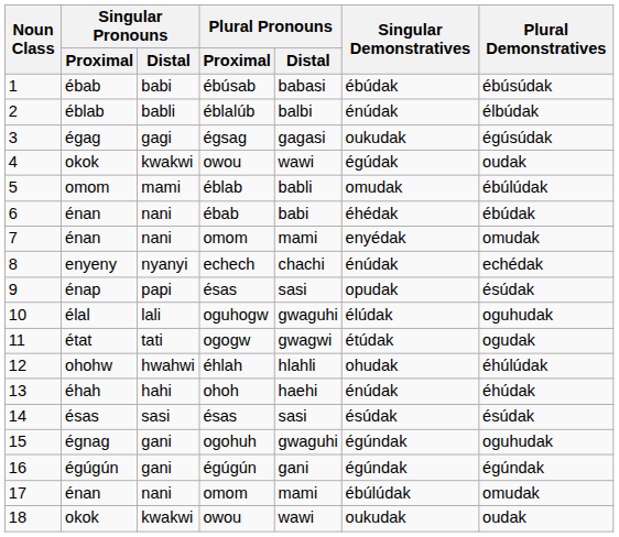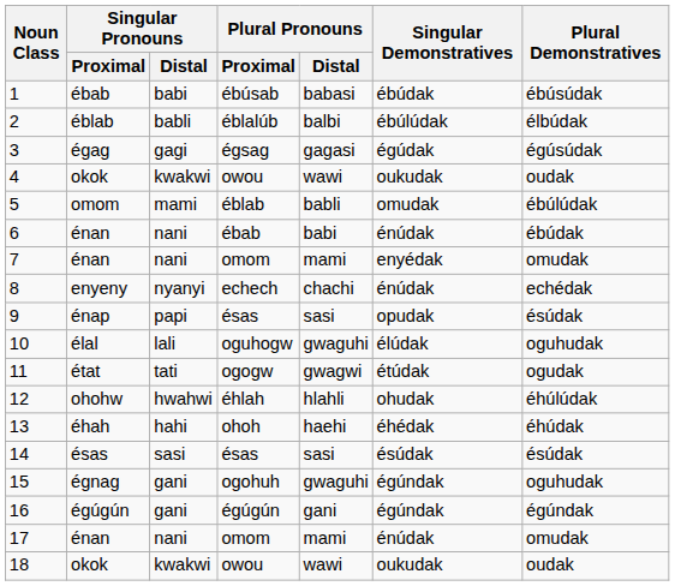 <table class="wikitable">
 <tr>
 <th rowspan="2">Noun Class</th>
 <th colspan="2">Singular Pronouns</th>
 <th colspan="2">Plural Pronouns</th>
 <th rowspan="2">Singular Demonstratives</th>
 <th rowspan="2">Plural Demonstratives</th>
 </tr>
 <tr>
 <th>Proximal</th>
 <th>Distal</th>
 <th>Proximal</th>
 <th>Distal</th>
 </tr>
 <tr>
 <td>1</td>
 <td>ébab</td>
 <td>babi</td>
 <td>ébúsab</td>
 <td>babasi</td>
 <td>ébúdak</td>
 <td>ébúsúdak</td>
 </tr>
 <tr>
 <td>2</td>
 <td>éblab</td>
 <td>babli</td>
 <td>éblalúb</td>
 <td>balbi</td>
-<td>énúdak</td>
+<td>ébúlúdak</td>
 <td>élbúdak</td>
 </tr>
 <tr>
 <td>3</td>
 <td>égag</td>
 <td>gagi</td>
 <td>égsag</td>
 <td>gagasi</td>
-<td>oukudak</td>
+<td>égúdak</td>
 <td>égúsúdak</td>
 </tr>
 <tr>
 <td>4</td>
 <td>okok</td>
 <td>kwakwi</td>
 <td>owou</td>
 <td>wawi</td>
-<td>égúdak</td>
+<td>oukudak</td>
 <td>oudak</td>
 </tr>
 <tr>
 <td>5</td>
 <td>omom</td>
 <td>mami</td>
 <td>éblab</td>
 <td>babli</td>
 <td>omudak</td>
 <td>ébúlúdak</td>
 </tr>
 <tr>
 <td>6</td>
 <td>énan</td>
 <td>nani</td>
 <td>ébab</td>
 <td>babi</td>
-<td>éhédak</td>
+<td>énúdak</td>
 <td>ébúdak</td>
 </tr>
 <tr>
 <td>7</td>
 <td>énan</td>
 <td>nani</td>
 <td>omom</td>
 <td>mami</td>
 <td>enyédak</td>
 <td>omudak</td>
 </tr>
 <tr>
 <td>8</td>
 <td>enyeny</td>
 <td>nyanyi</td>
 <td>echech</td>
 <td>chachi</td>
 <td>énúdak</td>
 <td>echédak</td>
 </tr>
 <tr>
 <td>9</td>
 <td>énap</td>
 <td>papi</td>
 <td>ésas</td>
 <td>sasi</td>
 <td>opudak</td>
 <td>ésúdak</td>
 </tr>
 <tr>
 <td>10</td>
 <td>élal</td>
 <td>lali</td>
 <td>oguhogw</td>
 <td>gwaguhi</td>
 <td>élúdak</td>
 <td>oguhudak</td>
 </tr>
 <tr>
 <td>11</td>
 <td>état</td>
 <td>tati</td>
 <td>ogogw</td>
 <td>gwagwi</td>
 <td>étúdak</td>
 <td>ogudak</td>
 </tr>
 <tr>
 <td>12</td>
 <td>ohohw</td>
 <td>hwahwi</td>
 <td>éhlah</td>
 <td>hlahli</td>
 <td>ohudak</td>
 <td>éhúlúdak</td>
 </tr>
 <tr>
 <td>13</td>
 <td>éhah</td>
 <td>hahi</td>
 <td>ohoh</td>
 <td>haehi</td>
-<td>énúdak</td>
+<td>éhédak</td>
 <td>éhúdak</td>
 </tr>
 <tr>
 <td>14</td>
 <td>ésas</td>
 <td>sasi</td>
 <td>ésas</td>
 <td>sasi</td>
 <td>ésúdak</td>
 <td>ésúdak</td>
 </tr>
 <tr>
 <td>15</td>
 <td>égnag</td>
 <td>gani</td>
 <td>ogohuh</td>
 <td>gwaguhi</td>
 <td>égúndak</td>
 <td>oguhudak</td>
 </tr>
 <tr>
 <td>16</td>
 <td>égúgún</td>
 <td>gani</td>
 <td>égúgún</td>
 <td>gani</td>
 <td>égúndak</td>
 <td>égúndak</td>
 </tr>
 <tr>
 <td>17</td>
 <td>énan</td>
 <td>nani</td>
 <td>omom</td>
 <td>mami</td>
-<td>ébúlúdak</td>
+<td>énúdak</td>
 <td>omudak</td>
 </tr>
 <tr>
 <td>18</td>
 <td>okok</td>
 <td>kwakwi</td>
 <td>owou</td>
 <td>wawi</td>
 <td>oukudak</td>
 <td>oudak</td>
 </tr>
 </table>
